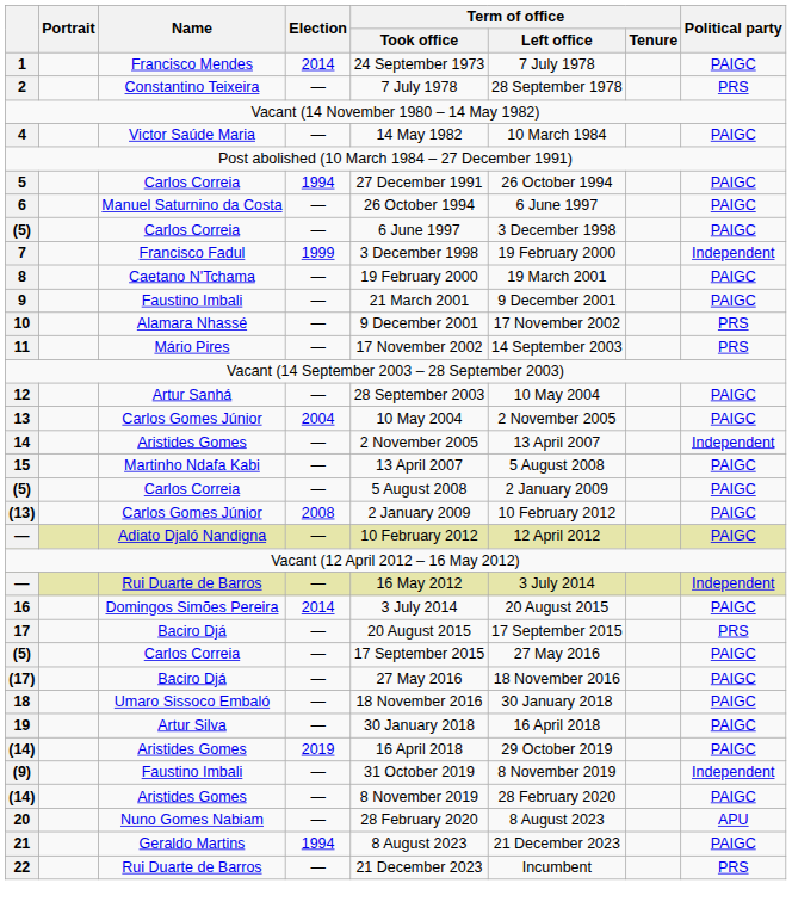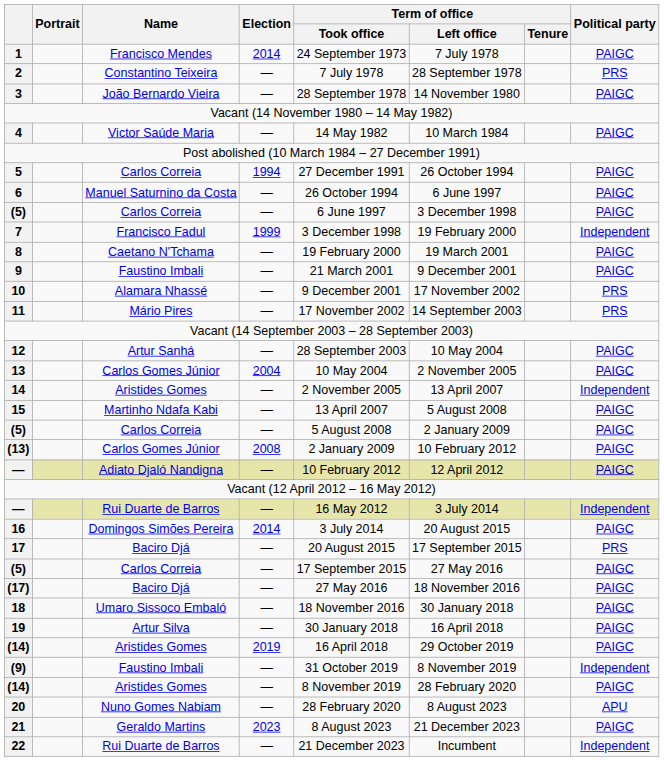 <table class="wikitable" style="text-align:center">
 <tr>
 <th rowspan="2"></th>
 <th rowspan="2">Portrait</th>
 <th rowspan="2">Name<br></th>
 <th rowspan="2">Election</th>
 <th colspan="3">Term of office</th>
 <th rowspan="2">Political party</th>
 </tr>
 <tr>
 <th>Took office</th>
 <th>Left office</th>
 <th>Tenure</th>
 </tr>
 <tr>
 <th style="background-color:">1</th>
 <td></td>
 <td><a href='#'>Francisco Mendes</a><br></td>
 <td><a href='#'>2014</a></td>
 <td>24 September 1973</td>
 <td>7 July 1978</td>
 <td></td>
 <td><a href='#'>PAIGC</a></td>
 </tr>
 <tr>
 <th style="background-color:">2</th>
 <td></td>
 <td><a href='#'>Constantino Teixeira</a><br></td>
 <td>—</td>
 <td>7 July 1978</td>
 <td>28 September 1978</td>
 <td></td>
 <td><a href='#'>PRS</a></td>
+</tr>
+<tr>
+<th style="background-color:">3</th>
+<td></td>
+<td><a href='#'>João Bernardo Vieira</a><br></td>
+<td>—</td>
+<td>28 September 1978</td>
+<td>14 November 1980</td>
+<td></td>
+<td><a href='#'>PAIGC</a></td>
 </tr>
 <tr>
 <td colspan="8">Vacant (14 November 1980 – 14 May 1982)</td>
 </tr>
 <tr>
 <th style="background-color:">4</th>
 <td></td>
 <td><a href='#'>Victor Saúde Maria</a><br></td>
 <td>—</td>
 <td>14 May 1982</td>
 <td>10 March 1984</td>
 <td></td>
 <td><a href='#'>PAIGC</a></td>
 </tr>
 <tr>
 <td colspan="8">Post abolished (10 March 1984 – 27 December 1991)</td>
 </tr>
 <tr>
 <th style="background-color:">5</th>
 <td></td>
 <td><a href='#'>Carlos Correia</a><br></td>
 <td><a href='#'>1994</a></td>
 <td>27 December 1991</td>
 <td>26 October 1994</td>
 <td></td>
 <td><a href='#'>PAIGC</a></td>
 </tr>
 <tr>
 <th style="background-color:">6</th>
 <td></td>
 <td><a href='#'>Manuel Saturnino da Costa</a><br></td>
 <td>—</td>
 <td>26 October 1994</td>
 <td>6 June 1997</td>
 <td></td>
 <td><a href='#'>PAIGC</a></td>
 </tr>
 <tr>
 <th style="background-color:">(5)</th>
 <td></td>
 <td><a href='#'>Carlos Correia</a><br></td>
 <td>—</td>
 <td>6 June 1997</td>
 <td>3 December 1998</td>
 <td></td>
 <td><a href='#'>PAIGC</a></td>
 </tr>
 <tr>
 <th style="background-color:">7</th>
 <td></td>
 <td><a href='#'>Francisco Fadul</a><br></td>
 <td><a href='#'>1999</a></td>
 <td>3 December 1998</td>
 <td>19 February 2000</td>
 <td></td>
 <td><a href='#'>Independent</a></td>
 </tr>
 <tr>
 <th style="background-color:">8</th>
 <td></td>
 <td><a href='#'>Caetano N'Tchama</a><br></td>
 <td>—</td>
 <td>19 February 2000</td>
 <td>19 March 2001</td>
 <td></td>
 <td><a href='#'>PAIGC</a></td>
 </tr>
 <tr>
 <th style="background-color:">9</th>
 <td></td>
 <td><a href='#'>Faustino Imbali</a><br></td>
 <td>—</td>
 <td>21 March 2001</td>
 <td>9 December 2001</td>
 <td></td>
 <td><a href='#'>PAIGC</a></td>
 </tr>
 <tr>
 <th style="background-color:">10</th>
 <td></td>
 <td><a href='#'>Alamara Nhassé</a><br></td>
 <td>—</td>
 <td>9 December 2001</td>
 <td>17 November 2002</td>
 <td></td>
 <td><a href='#'>PRS</a></td>
 </tr>
 <tr>
 <th style="background-color:">11</th>
 <td></td>
 <td><a href='#'>Mário Pires</a><br></td>
 <td>—</td>
 <td>17 November 2002</td>
 <td>14 September 2003<br></td>
 <td></td>
 <td><a href='#'>PRS</a></td>
 </tr>
 <tr>
 <td colspan="8">Vacant (14 September 2003 – 28 September 2003)</td>
 </tr>
 <tr>
 <th style="background-color:">12</th>
 <td></td>
 <td><a href='#'>Artur Sanhá</a><br></td>
 <td>—</td>
 <td>28 September 2003</td>
 <td>10 May 2004</td>
 <td></td>
 <td><a href='#'>PAIGC</a></td>
 </tr>
 <tr>
 <th style="background-color:">13</th>
 <td></td>
 <td><a href='#'>Carlos Gomes Júnior</a><br></td>
 <td><a href='#'>2004</a></td>
 <td>10 May 2004</td>
 <td>2 November 2005</td>
 <td></td>
 <td><a href='#'>PAIGC</a></td>
 </tr>
 <tr>
 <th style="background-color:">14</th>
 <td></td>
 <td><a href='#'>Aristides Gomes</a><br></td>
 <td>—</td>
 <td>2 November 2005</td>
 <td>13 April 2007</td>
 <td></td>
 <td><a href='#'>Independent</a></td>
 </tr>
 <tr>
 <th style="background-color:">15</th>
 <td></td>
 <td><a href='#'>Martinho Ndafa Kabi</a><br></td>
 <td>—</td>
 <td>13 April 2007</td>
 <td>5 August 2008</td>
 <td></td>
 <td><a href='#'>PAIGC</a></td>
 </tr>
 <tr>
 <th style="background-color:">(5)</th>
 <td></td>
 <td><a href='#'>Carlos Correia</a><br></td>
 <td>—</td>
 <td>5 August 2008</td>
 <td>2 January 2009</td>
 <td></td>
 <td><a href='#'>PAIGC</a></td>
 </tr>
 <tr>
 <th style="background-color:">(13)</th>
 <td></td>
 <td><a href='#'>Carlos Gomes Júnior</a><br></td>
 <td><a href='#'>2008</a></td>
 <td>2 January 2009</td>
 <td>10 February 2012</td>
 <td></td>
 <td><a href='#'>PAIGC</a></td>
 </tr>
 <tr style="background:#e6e6aa;">
 <th style="background-color:">—</th>
 <td></td>
 <td><a href='#'>Adiato Djaló Nandigna</a><br></td>
 <td>—</td>
 <td>10 February 2012</td>
 <td>12 April 2012<br></td>
 <td></td>
 <td><a href='#'>PAIGC</a></td>
 </tr>
 <tr>
 <td colspan="8">Vacant (12 April 2012 – 16 May 2012)</td>
 </tr>
 <tr style="background:#e6e6aa;">
 <th style="background-color:">—</th>
 <td></td>
 <td><a href='#'>Rui Duarte de Barros</a><br></td>
 <td>—</td>
 <td>16 May 2012</td>
 <td>3 July 2014</td>
 <td></td>
 <td><a href='#'>Independent</a></td>
 </tr>
 <tr>
 <th style="background-color:">16</th>
 <td></td>
 <td><a href='#'>Domingos Simões Pereira</a><br></td>
 <td><a href='#'>2014</a></td>
 <td>3 July 2014</td>
 <td>20 August 2015</td>
 <td></td>
 <td><a href='#'>PAIGC</a></td>
 </tr>
 <tr>
 <th style="background-color:">17</th>
 <td></td>
 <td><a href='#'>Baciro Djá</a><br></td>
 <td>—</td>
 <td>20 August 2015</td>
 <td>17 September 2015</td>
 <td></td>
 <td><a href='#'>PRS</a></td>
 </tr>
 <tr>
 <th style="background-color:">(5)</th>
 <td></td>
 <td><a href='#'>Carlos Correia</a><br></td>
 <td>—</td>
 <td>17 September 2015</td>
 <td>27 May 2016</td>
 <td></td>
 <td><a href='#'>PAIGC</a></td>
 </tr>
 <tr>
 <th style="background-color:">(17)</th>
 <td></td>
 <td><a href='#'>Baciro Djá</a><br></td>
 <td>—</td>
 <td>27 May 2016</td>
 <td>18 November 2016</td>
 <td></td>
 <td><a href='#'>PAIGC</a></td>
 </tr>
 <tr>
 <th style="background-color:">18</th>
 <td></td>
 <td><a href='#'>Umaro Sissoco Embaló</a><br></td>
 <td>—</td>
 <td>18 November 2016</td>
 <td>30 January 2018</td>
 <td></td>
 <td><a href='#'>PAIGC</a></td>
 </tr>
 <tr>
 <th style="background-color:">19</th>
 <td></td>
 <td><a href='#'>Artur Silva</a><br></td>
 <td>—</td>
 <td>30 January 2018</td>
 <td>16 April 2018</td>
 <td></td>
 <td><a href='#'>PAIGC</a></td>
 </tr>
 <tr>
 <th style="background-color:">(14)</th>
 <td></td>
 <td><a href='#'>Aristides Gomes</a><br></td>
 <td><a href='#'>2019</a></td>
 <td>16 April 2018</td>
 <td>29 October 2019</td>
 <td></td>
 <td><a href='#'>PAIGC</a></td>
 </tr>
 <tr>
 <th style="background-color:">(9)</th>
 <td></td>
 <td><a href='#'>Faustino Imbali</a><br></td>
 <td>—</td>
 <td>31 October 2019</td>
 <td>8 November 2019</td>
 <td></td>
 <td><a href='#'>Independent</a></td>
 </tr>
 <tr>
 <th style="background-color:">(14)</th>
 <td></td>
 <td><a href='#'>Aristides Gomes</a><br></td>
 <td>—</td>
 <td>8 November 2019</td>
 <td>28 February 2020</td>
 <td></td>
 <td><a href='#'>PAIGC</a></td>
 </tr>
 <tr>
 <th style="background-color:">20</th>
 <td></td>
 <td><a href='#'>Nuno Gomes Nabiam</a><br></td>
 <td>—</td>
 <td>28 February 2020</td>
 <td>8 August 2023</td>
 <td></td>
 <td><a href='#'>APU</a></td>
 </tr>
 <tr>
 <th style="background-color:">21</th>
 <td></td>
 <td><a href='#'>Geraldo Martins</a><br></td>
-<td><a href='#'>1994</a></td>
+<td><a href='#'>2023</a></td>
 <td>8 August 2023</td>
 <td>21 December 2023</td>
 <td></td>
 <td><a href='#'>PAIGC</a></td>
 </tr>
 <tr>
 <th style="background-color:">22</th>
 <td></td>
 <td><a href='#'>Rui Duarte de Barros</a><br></td>
 <td>—</td>
 <td>21 December 2023</td>
 <td>Incumbent</td>
 <td></td>
-<td><a href='#'>PRS</a></td>
+<td><a href='#'>Independent</a></td>
 </tr>
 </table>
